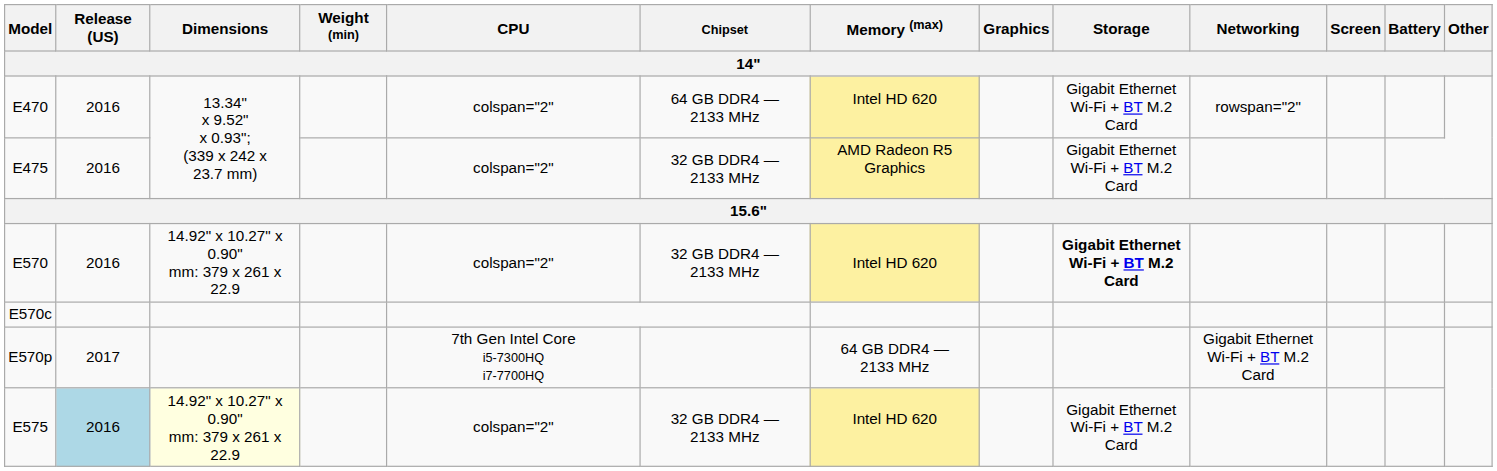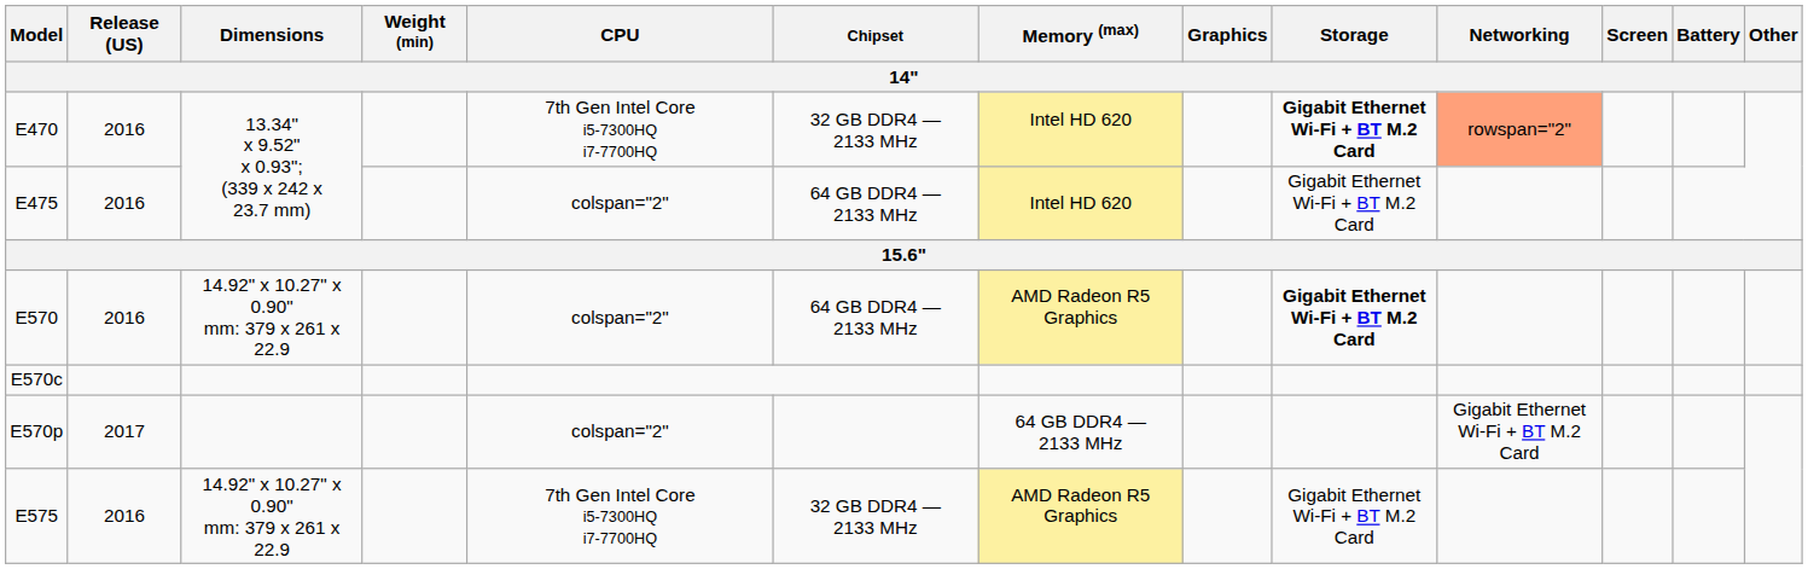 <table class="wikitable" style="font-size: 80%; text-align: center; min-width: 80%;">
 <tr>
 <th>Model</th>
 <th>Release (US)</th>
 <th>Dimensions</th>
 <th>Weight <sup>(min)</sup></th>
 <th style="width:17%">CPU</th>
 <th><small>Chipset</small></th>
 <th>Memory <sup>(max)</sup></th>
 <th>Graphics</th>
 <th>Storage</th>
 <th>Networking</th>
 <th>Screen</th>
 <th>Battery</th>
 <th>Other</th>
 </tr>
 <tr>
 <th colspan="13">14"</th>
 </tr>
 <tr>
 <td>E470</td>
 <td>2016</td>
 <td rowspan="2">13.34"<br>x 9.52"<br>x 0.93";<br>(339 x 242 x 23.7 mm)</td>
 <td></td>
-<td>colspan="2" </td>
-<td style="background:">64 GB DDR4 — 2133 MHz<br></td>
+<td style="background:">7th Gen Intel Core <br><small>i5-7300HQ<br>i7-7700HQ</small></td>
+<td style="background:">32 GB DDR4 — 2133 MHz<br></td>
 <td style="background:#fdf1a1;">Intel HD 620 <br><br></td>
 <td></td>
-<td>Gigabit Ethernet<br>Wi-Fi + <a href='#'>BT</a> M.2 Card</td>
-<td>rowspan="2" </td>
+<td><strong>Gigabit Ethernet<br>Wi-Fi + <a href='#'>BT</a> M.2 Card</strong></td>
+<td style="background: lightsalmon;">rowspan="2" </td>
 <td></td>
 <td></td>
 </tr>
 <tr>
 <td>E475</td>
 <td>2016</td>
 <td></td>
 <td>colspan="2" </td>
-<td style="background:">32 GB DDR4 — 2133 MHz<br></td>
-<td style="background:#fdf1a1;">AMD Radeon R5 Graphics <br><br></td>
+<td style="background:">64 GB DDR4 — 2133 MHz<br></td>
+<td style="background:#fdf1a1;">Intel HD 620<br></td>
 <td></td>
 <td>Gigabit Ethernet<br>Wi-Fi + <a href='#'>BT</a> M.2 Card</td>
 <td></td>
 <td></td>
 </tr>
 <tr>
 <th colspan="13">15.6"</th>
 </tr>
 <tr>
 <td>E570</td>
 <td>2016</td>
 <td>14.92" x 10.27" x 0.90" <br> mm: 379 x 261 x 22.9</td>
 <td></td>
 <td>colspan="2" </td>
-<td style="background:">32 GB DDR4 — 2133 MHz<br></td>
-<td style="background:#fdf1a1;">Intel HD 620<br></td>
+<td style="background:">64 GB DDR4 — 2133 MHz<br></td>
+<td style="background:#fdf1a1;">AMD Radeon R5 Graphics <br><br></td>
 <td></td>
 <td><strong>Gigabit Ethernet<br>Wi-Fi + <a href='#'>BT</a> M.2 Card</strong></td>
 <td></td>
 <td></td>
 <td></td>
 </tr>
 <tr>
 <td>E570c</td>
 <td></td>
 <td></td>
 <td></td>
 <td colspan="2"></td>
 <td></td>
 <td></td>
 <td></td>
 <td></td>
 <td></td>
 <td></td>
 <td></td>
 </tr>
 <tr>
 <td>E570p</td>
 <td>2017</td>
 <td></td>
 <td></td>
-<td style="background:">7th Gen Intel Core <br><small>i5-7300HQ<br>i7-7700HQ</small></td>
+<td>colspan="2" </td>
 <td></td>
 <td style="background:">64 GB DDR4 — 2133 MHz<br></td>
 <td></td>
 <td></td>
 <td>Gigabit Ethernet<br>Wi-Fi + <a href='#'>BT</a> M.2 Card</td>
 <td></td>
 <td></td>
 </tr>
 <tr>
 <td>E575</td>
-<td style="background: lightblue;">2016</td>
-<td style="background: lightyellow;">14.92" x 10.27" x 0.90" <br> mm: 379 x 261 x 22.9</td>
+<td>2016</td>
+<td>14.92" x 10.27" x 0.90" <br> mm: 379 x 261 x 22.9</td>
 <td></td>
-<td>colspan="2" </td>
+<td style="background:">7th Gen Intel Core <br><small>i5-7300HQ<br>i7-7700HQ</small></td>
 <td style="background:">32 GB DDR4 — 2133 MHz<br></td>
-<td style="background:#fdf1a1;">Intel HD 620 <br><br></td>
+<td style="background:#fdf1a1;">AMD Radeon R5 Graphics <br><br></td>
 <td></td>
 <td>Gigabit Ethernet<br>Wi-Fi + <a href='#'>BT</a> M.2 Card</td>
 <td></td>
 <td></td>
 <td></td>
 </tr>
 </table>
